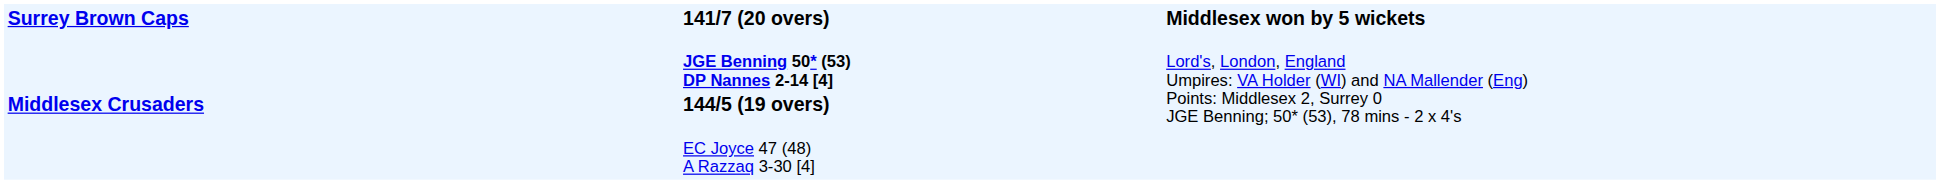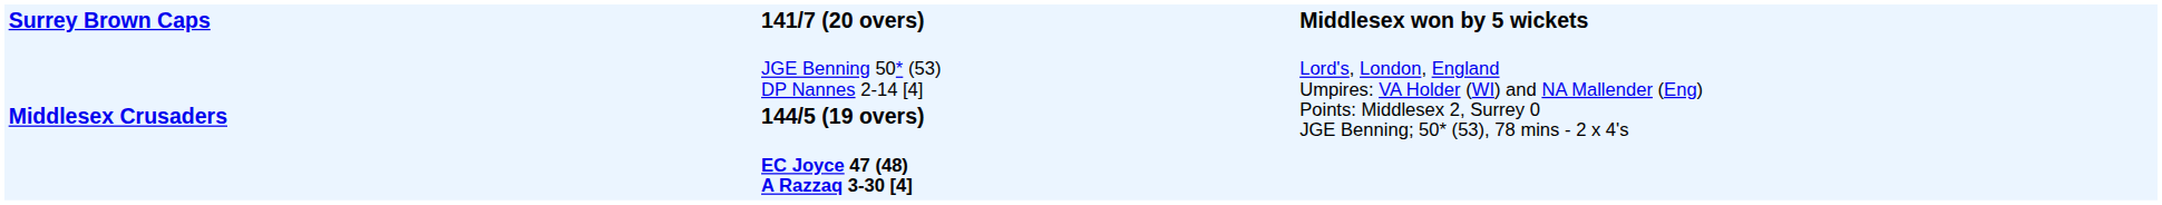 <table style="width:100%; background:#ebf5ff;">
 <tr>
 <td style="width:35%; vertical-align:top;" rowspan="2"><strong><a href='#'>Surrey Brown Caps</a></strong></td>
 <td style="width:25%;"><strong>141/7 (20 overs)</strong></td>
 <td style="width:40%;"><strong>Middlesex won by 5 wickets </strong></td>
 </tr>
 <tr>
-<td style="font-size: 85%;"><strong><br><a href='#'>JGE Benning</a> 50<a href='#'>*</a> (53)<br> <a href='#'>DP Nannes</a> 2-14 [4]</strong></td>
+<td style="font-size: 85%;"><br><a href='#'>JGE Benning</a> 50<a href='#'>*</a> (53)<br> <a href='#'>DP Nannes</a> 2-14 [4]</td>
 <td style="vertical-align:top; font-size:85%;" rowspan="3"><br><a href='#'>Lord's</a>, <a href='#'>London</a>, <a href='#'>England</a><br> Umpires: <a href='#'>VA Holder</a> (<a href='#'>WI</a>) and <a href='#'>NA Mallender</a> (<a href='#'>Eng</a>)<br> Points: Middlesex 2, Surrey 0<br>JGE Benning; 50* (53), 78 mins - 2 x 4's</td>
 </tr>
 <tr>
 <td style="vertical-align:top;" rowspan="2"><strong><a href='#'>Middlesex Crusaders</a></strong></td>
 <td><strong>144/5 (19 overs)</strong></td>
 </tr>
 <tr>
-<td style="font-size: 85%;"><br><a href='#'>EC Joyce</a> 47 (48)<br> <a href='#'>A Razzaq</a> 3-30 [4]</td>
+<td style="font-size: 85%;"><strong><br><a href='#'>EC Joyce</a> 47 (48)<br> <a href='#'>A Razzaq</a> 3-30 [4]</strong></td>
 </tr>
 </table>
